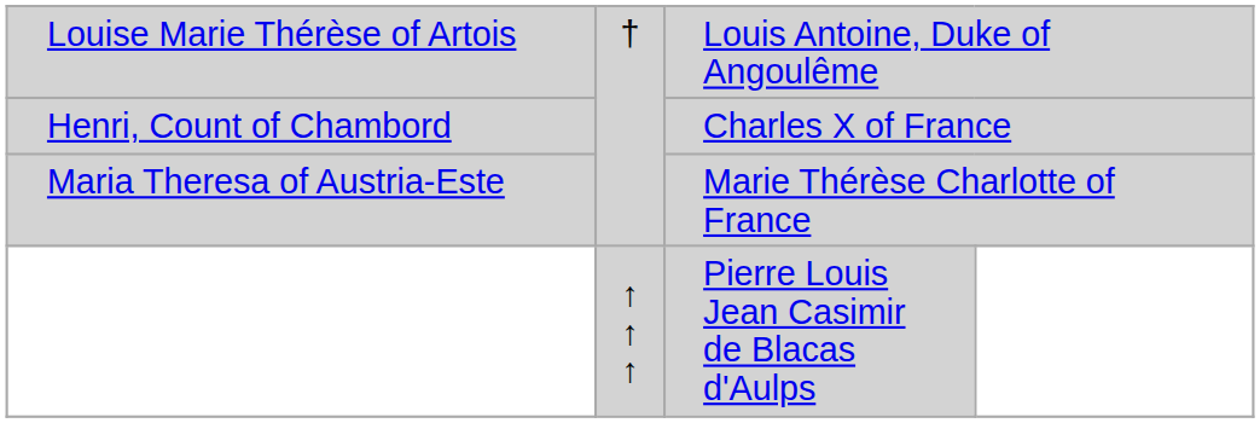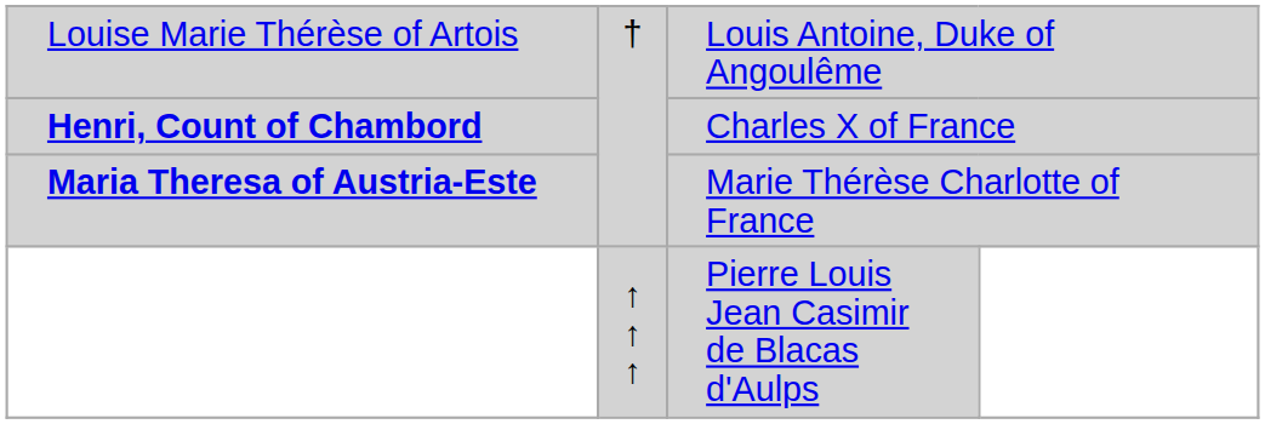 <table class="wikitable" style="margin: 1em auto; font-size:85%;">
 <tr>
 <td bgcolor=lightgrey valign=top width=200px valign=top style="padding-left:15px; padding-right:15px;"><a href='#'>Louise Marie Thérèse of Artois</a><br></td>
 <td bgcolor=lightgrey rowspan=3 width=20px valign=top style="text-align: center;">†</td>
 <td bgcolor=lightgrey colspan=2 width=200px valign=top style="padding-left:15px; padding-right:15px;"><a href='#'>Louis Antoine, Duke of Angoulême</a><br></td>
 </tr>
 <tr>
-<td bgcolor=lightgrey valign=top style="padding-left:15px; padding-right:15px;"><a href='#'>Henri, Count of Chambord</a><br></td>
+<td bgcolor=lightgrey valign=top style="padding-left:15px; padding-right:15px;"><strong><a href='#'>Henri, Count of Chambord</a><br></strong></td>
 <td bgcolor=lightgrey colspan=2 valign=top style="padding-left:15px; padding-right:15px;"><a href='#'>Charles X of France</a><br></td>
 </tr>
 <tr>
-<td bgcolor=lightgrey valign=top style="padding-left:15px; padding-right:15px;"><a href='#'>Maria Theresa of Austria-Este</a><br></td>
+<td bgcolor=lightgrey valign=top style="padding-left:15px; padding-right:15px;"><strong><a href='#'>Maria Theresa of Austria-Este</a><br></strong></td>
 <td bgcolor=lightgrey colspan=2 valign=top style="padding-left:15px; padding-right:15px;"><a href='#'>Marie Thérèse Charlotte of France</a><br></td>
 </tr>
 <tr>
 <td bgcolor=white></td>
 <td bgcolor=lightgrey style="text-align: center;">↑<br>↑<br>↑</td>
 <td bgcolor=lightgrey style="padding-left:15px;" width=100px><a href='#'>Pierre Louis<br>Jean Casimir<br>de Blacas<br>d'Aulps</a><br></td>
 <td bgcolor=white width=100px></td>
 </tr>
 </table>
